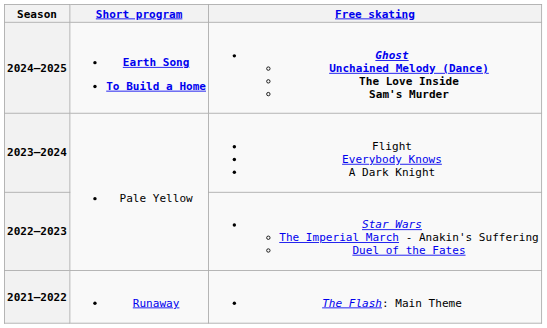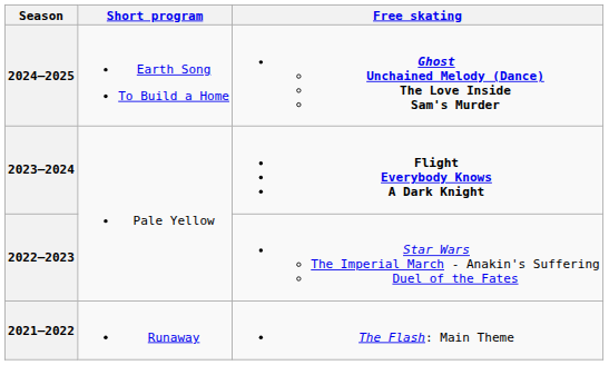 <table class=wikitable style=text-align:center>
 <tr>
 <th>Season</th>
 <th><a href='#'>Short program</a></th>
 <th><a href='#'>Free skating</a></th>
 </tr>
 <tr>
 <th>2024–2025 <br> </th>
-<td><strong><br><ul><li><a href='#'>Earth Song</a> <br></li></ul><ul><li><a href='#'>To Build a Home</a> <br></li></ul></strong></td>
+<td><br><ul><li><a href='#'>Earth Song</a> <br></li></ul><ul><li><a href='#'>To Build a Home</a> <br></li></ul></td>
 <td><strong><br><ul><li><em><a href='#'>Ghost</a></em><ul><li><a href='#'>Unchained Melody (Dance)</a> <br></li><li>The Love Inside</li><li>Sam's Murder <br></li></ul></li></ul></strong></td>
 </tr>
 <tr>
 <th>2023–2024 <br> </th>
 <td rowspan=2><br><ul><li>Pale Yellow <br></li></ul></td>
-<td><br><ul><li>Flight <br></li><li><a href='#'>Everybody Knows</a> <br> </li><li>A Dark Knight <br></li></ul></td>
+<td><strong><br><ul><li>Flight <br></li><li><a href='#'>Everybody Knows</a> <br> </li><li>A Dark Knight <br></li></ul></strong></td>
 </tr>
 <tr>
 <th>2022–2023 <br> </th>
 <td><br><ul><li><em><a href='#'>Star Wars</a></em> <br><ul><li><a href='#'>The Imperial March</a> - Anakin's Suffering</li><li><a href='#'>Duel of the Fates</a> <br></li></ul></li></ul></td>
 </tr>
 <tr>
 <th>2021–2022 <br> </th>
 <td><br><ul><li><a href='#'>Runaway</a> <br></li></ul></td>
 <td><br><ul><li><em><a href='#'>The Flash</a></em>: Main Theme <br></li></ul></td>
 </tr>
 </table>
